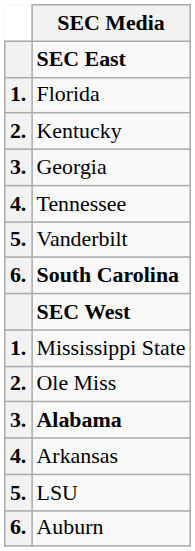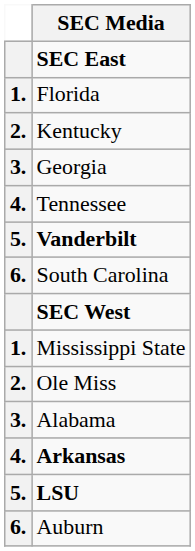 <table class="wikitable" style="white-space:nowrap; font-size:90%;">
 <tr>
 <td ! style="background:white; border-top-style:hidden; border-left-style:hidden;"></td>
 <th>SEC Media</th>
 </tr>
 <tr>
 <th></th>
 <td><strong>SEC East</strong></td>
 </tr>
 <tr>
 <th>1.</th>
 <td>Florida</td>
 </tr>
 <tr>
 <th>2.</th>
 <td>Kentucky</td>
 </tr>
 <tr>
 <th>3.</th>
 <td>Georgia</td>
 </tr>
 <tr>
 <th>4.</th>
 <td>Tennessee</td>
 </tr>
 <tr>
 <th>5.</th>
-<td>Vanderbilt</td>
+<td><strong>Vanderbilt</strong></td>
 </tr>
 <tr>
 <th>6.</th>
-<td><strong>South Carolina</strong></td>
+<td>South Carolina</td>
 </tr>
 <tr>
 <th></th>
 <td><strong>SEC West</strong></td>
 </tr>
 <tr>
 <th>1.</th>
 <td>Mississippi State</td>
 </tr>
 <tr>
 <th>2.</th>
 <td>Ole Miss</td>
 </tr>
 <tr>
 <th>3.</th>
-<td><strong>Alabama</strong></td>
+<td>Alabama</td>
 </tr>
 <tr>
 <th>4.</th>
-<td>Arkansas</td>
+<td><strong>Arkansas</strong></td>
 </tr>
 <tr>
 <th>5.</th>
-<td>LSU</td>
+<td><strong>LSU</strong></td>
 </tr>
 <tr>
 <th>6.</th>
 <td>Auburn</td>
 </tr>
 </table>
